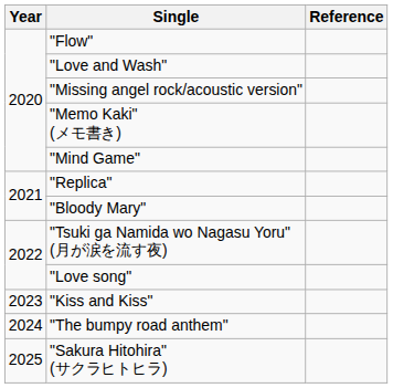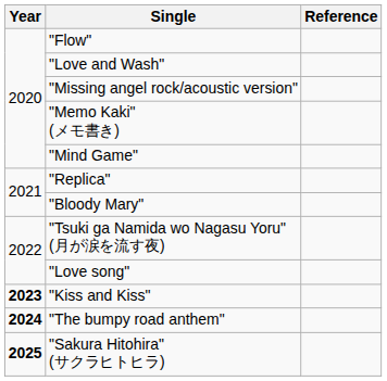 <table class="wikitable plainrowheaders" style="text-align:center;">
 <tr>
 <th scope="col">Year</th>
 <th scope="col">Single</th>
 <th scope="col">Reference</th>
 </tr>
 <tr>
 <td rowspan="5">2020</td>
 <td style="text-align:left;">"Flow"<br></td>
 <td></td>
 </tr>
 <tr>
 <td style="text-align:left;">"Love and Wash"<br></td>
 <td></td>
 </tr>
 <tr>
 <td style="text-align:left;">"Missing angel rock/acoustic version"<br></td>
 <td></td>
 </tr>
 <tr>
 <td style="text-align:left;">"Memo Kaki"<br> (メモ書き)</td>
 <td></td>
 </tr>
 <tr>
 <td style="text-align:left;">"Mind Game"<br></td>
 <td></td>
 </tr>
 <tr>
 <td rowspan="2">2021</td>
 <td style="text-align:left;">"Replica"<br></td>
 <td></td>
 </tr>
 <tr>
 <td style="text-align:left;">"Bloody Mary"<br></td>
 <td></td>
 </tr>
 <tr>
 <td rowspan="2">2022</td>
 <td style="text-align:left;">"Tsuki ga Namida wo Nagasu Yoru"<br> (月が涙を流す夜)</td>
 <td></td>
 </tr>
 <tr>
 <td style="text-align:left;">"Love song"<br></td>
 <td></td>
 </tr>
 <tr>
-<td rowspan="1">2023</td>
+<td rowspan="1"><strong>2023</strong></td>
 <td style="text-align:left;">"Kiss and Kiss"<br></td>
 <td></td>
 </tr>
 <tr>
-<td rowspan="1">2024</td>
+<td rowspan="1"><strong>2024</strong></td>
 <td style="text-align:left;">"The bumpy road anthem"<br></td>
 <td></td>
 </tr>
 <tr>
-<td rowspan="1">2025</td>
+<td rowspan="1"><strong>2025</strong></td>
 <td style="text-align:left;">"Sakura Hitohira"<br> (サクラヒトヒラ)</td>
 <td></td>
 </tr>
 </table>
